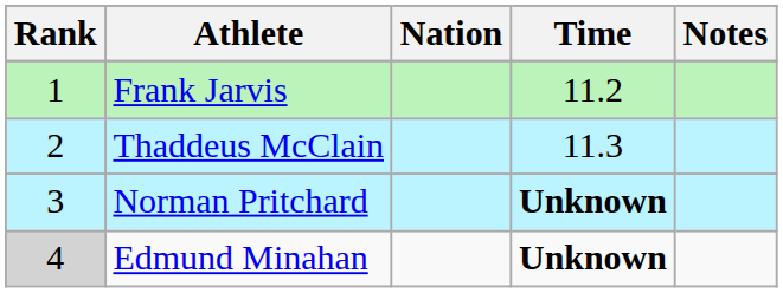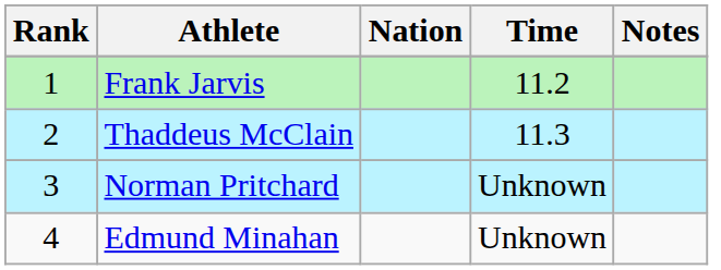 <table class="wikitable sortable" style="text-align:center">
 <tr>
 <th>Rank</th>
 <th>Athlete</th>
 <th>Nation</th>
 <th>Time</th>
 <th>Notes</th>
 </tr>
 <tr>
 </tr>
 <tr style="background:#bbf3bb;">
 <td>1</td>
 <td align=left><a href='#'>Frank Jarvis</a></td>
 <td align=left></td>
 <td>11.2</td>
 <td></td>
 </tr>
 <tr bgcolor=bbf3ff>
 <td>2</td>
 <td align=left><a href='#'>Thaddeus McClain</a></td>
 <td align=left></td>
 <td>11.3</td>
 <td></td>
 </tr>
 <tr bgcolor=bbf3ff>
 <td>3</td>
 <td align=left><a href='#'>Norman Pritchard</a></td>
 <td align=left></td>
-<td><strong>Unknown</strong></td>
+<td>Unknown</td>
 <td></td>
 </tr>
 <tr>
-<td style="background: lightgrey;">4</td>
+<td>4</td>
 <td align=left><a href='#'>Edmund Minahan</a></td>
 <td align=left></td>
-<td><strong>Unknown</strong></td>
+<td>Unknown</td>
 <td></td>
 </tr>
 </table>
